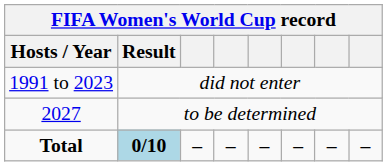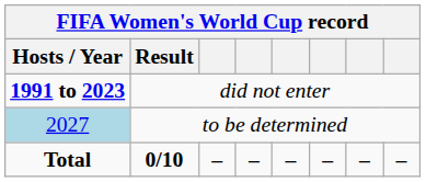 <table class="wikitable" style="text-align: center;">
 <tr>
 <th colspan=8><a href='#'>FIFA Women's World Cup</a> record</th>
 </tr>
 <tr>
 <th>Hosts / Year</th>
 <th>Result</th>
 <th width=20></th>
 <th width=20></th>
 <th width=20></th>
 <th width=20></th>
 <th width=20></th>
 <th width=20></th>
 </tr>
 <tr>
-<td> <a href='#'>1991</a> to  <a href='#'>2023</a></td>
+<td><strong> <a href='#'>1991</a> to  <a href='#'>2023</a></strong></td>
 <td colspan=7><em>did not enter</em></td>
 </tr>
 <tr>
-<td> <a href='#'>2027</a></td>
+<td style="background: lightblue;"> <a href='#'>2027</a></td>
 <td colspan=7><em>to be determined</em></td>
 </tr>
 <tr>
 <td><strong>Total</strong></td>
-<td style="background: lightblue;"><strong>0/10</strong></td>
+<td><strong>0/10</strong></td>
 <td><strong>–</strong></td>
 <td><strong>–</strong></td>
 <td><strong>–</strong></td>
 <td><strong>–</strong></td>
 <td><strong>–</strong></td>
 <td><strong>–</strong></td>
 </tr>
 </table>
